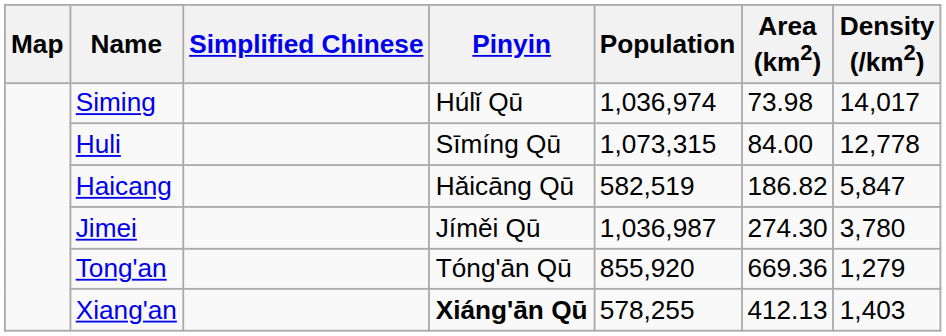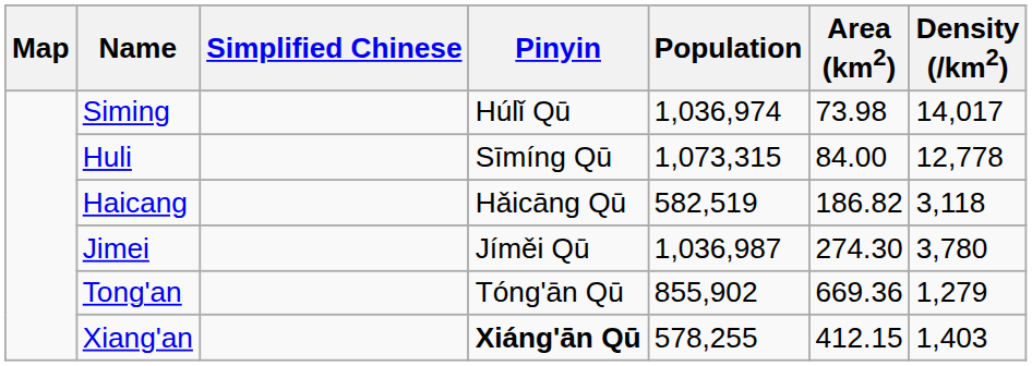 <table class="wikitable" style="font-size:90%;">
 <tr>
 <th colspan="6">Map</th>
 <th>Name</th>
 <th><a href='#'>Simplified Chinese</a></th>
 <th><a href='#'>Pinyin</a></th>
 <th>Population<br></th>
 <th>Area<br>(km<sup>2</sup>)</th>
 <th>Density<br>(/km<sup>2</sup>)</th>
 </tr>
 <tr>
 <td colspan="6" rowspan="6"><div><br>         </div></td>
 <td><a href='#'>Siming</a></td>
 <td></td>
 <td>Húlǐ Qū</td>
 <td>1,036,974</td>
 <td>73.98</td>
 <td>14,017</td>
 </tr>
 <tr>
 <td><a href='#'>Huli</a></td>
 <td></td>
 <td>Sīmíng Qū</td>
 <td>1,073,315</td>
 <td>84.00</td>
 <td>12,778</td>
 </tr>
 <tr>
 <td><a href='#'>Haicang</a></td>
 <td></td>
 <td>Hǎicāng Qū</td>
 <td>582,519</td>
 <td>186.82</td>
-<td>5,847</td>
+<td>3,118</td>
 </tr>
 <tr>
 <td><a href='#'>Jimei</a></td>
 <td></td>
 <td>Jíměi Qū</td>
 <td>1,036,987</td>
 <td>274.30</td>
 <td>3,780</td>
 </tr>
 <tr>
 <td><a href='#'>Tong'an</a></td>
 <td></td>
 <td>Tóng'ān Qū</td>
-<td>855,920</td>
+<td>855,902</td>
 <td>669.36</td>
 <td>1,279</td>
 </tr>
 <tr>
 <td><a href='#'>Xiang'an</a></td>
 <td></td>
 <td><strong>Xiáng'ān Qū</strong></td>
 <td>578,255</td>
-<td>412.13</td>
+<td>412.15</td>
 <td>1,403</td>
 </tr>
 </table>
